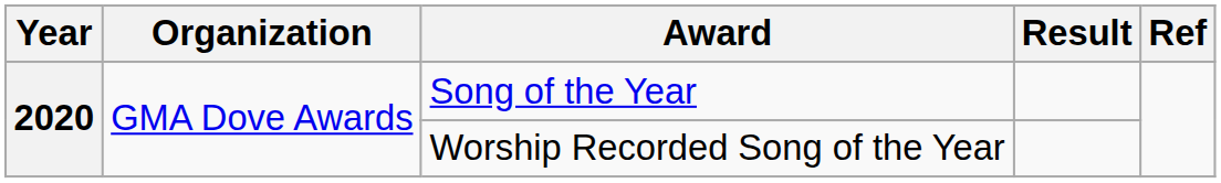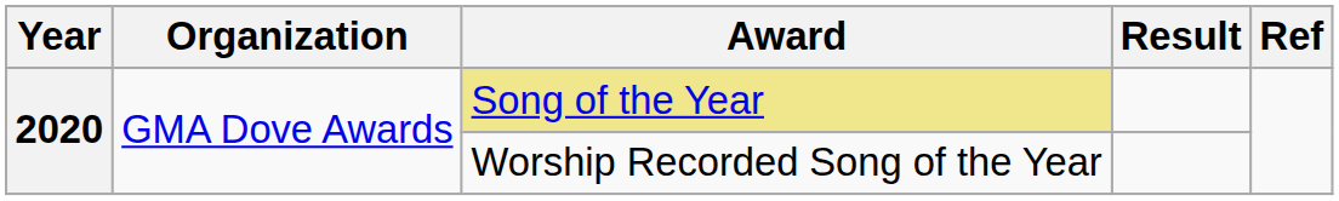 <table class="wikitable plainrowheaders">
 <tr>
 <th>Year</th>
 <th>Organization</th>
 <th>Award</th>
 <th>Result</th>
 <th>Ref</th>
 </tr>
 <tr>
 <th scope="row" rowspan="2">2020</th>
 <td rowspan="2"><a href='#'>GMA Dove Awards</a></td>
-<td><a href='#'>Song of the Year</a></td>
+<td style="background: khaki;"><a href='#'>Song of the Year</a></td>
 <td></td>
 <td rowspan="2"></td>
 </tr>
 <tr>
 <td>Worship Recorded Song of the Year</td>
 <td></td>
 </tr>
 </table>
